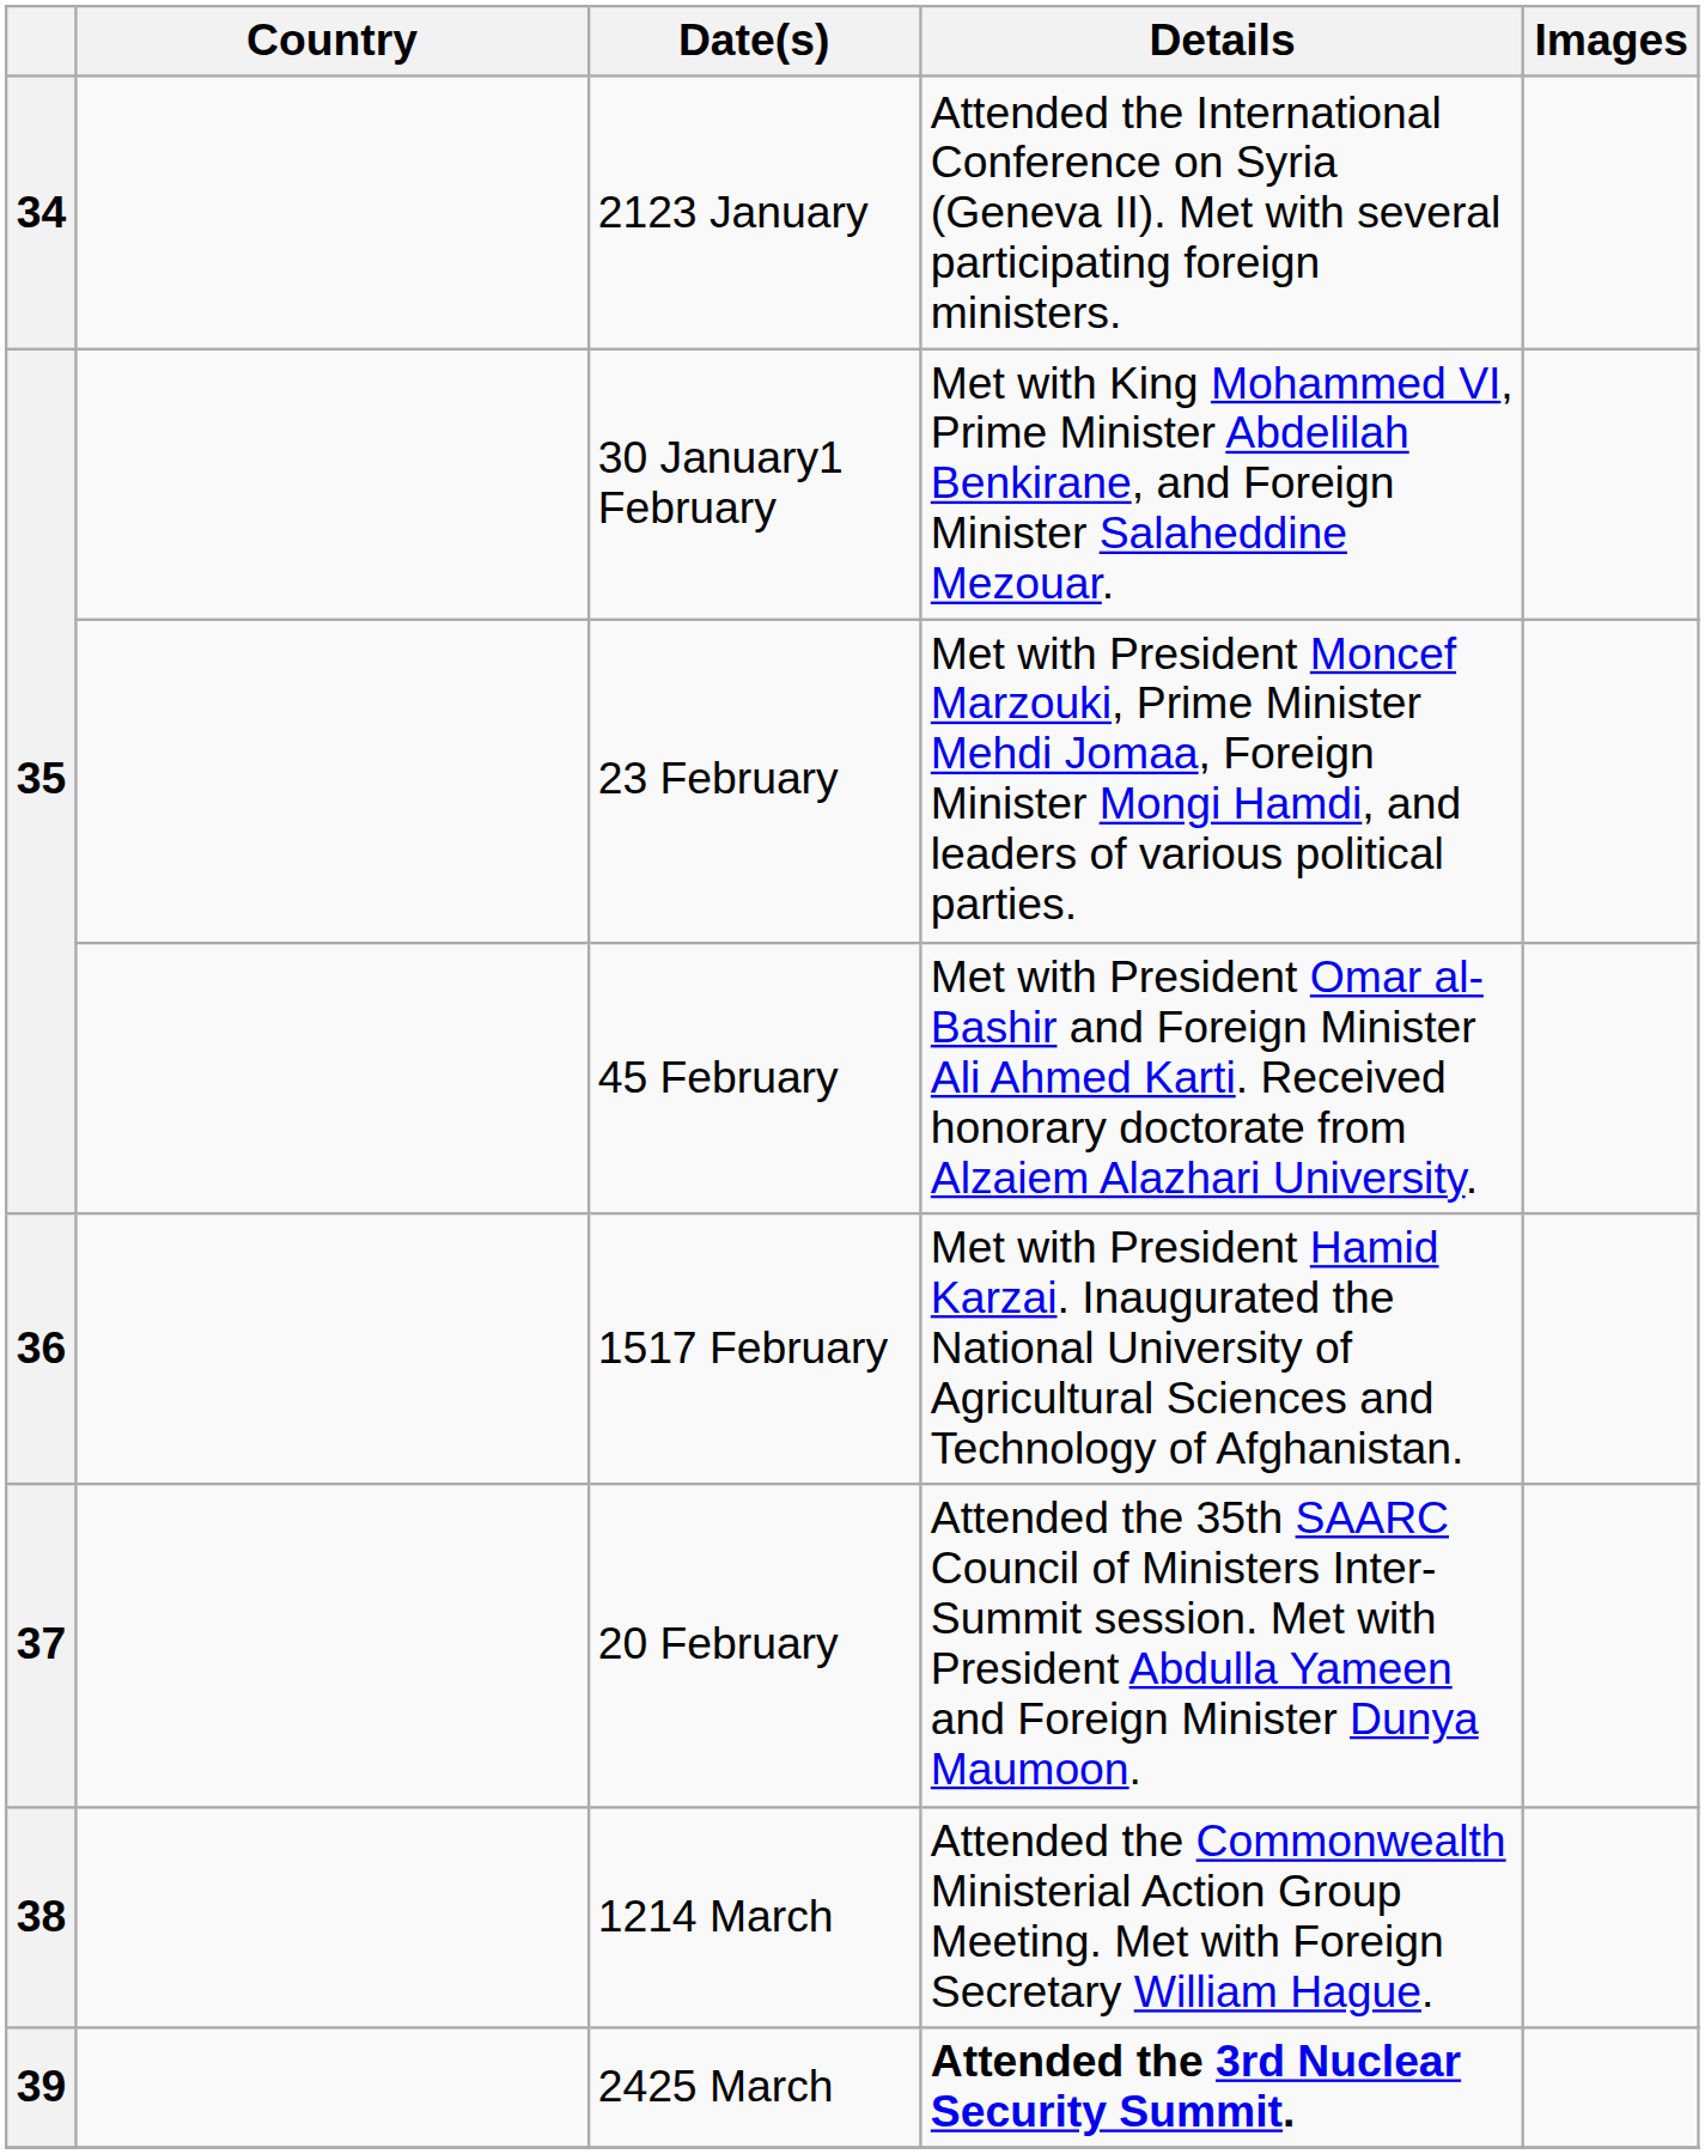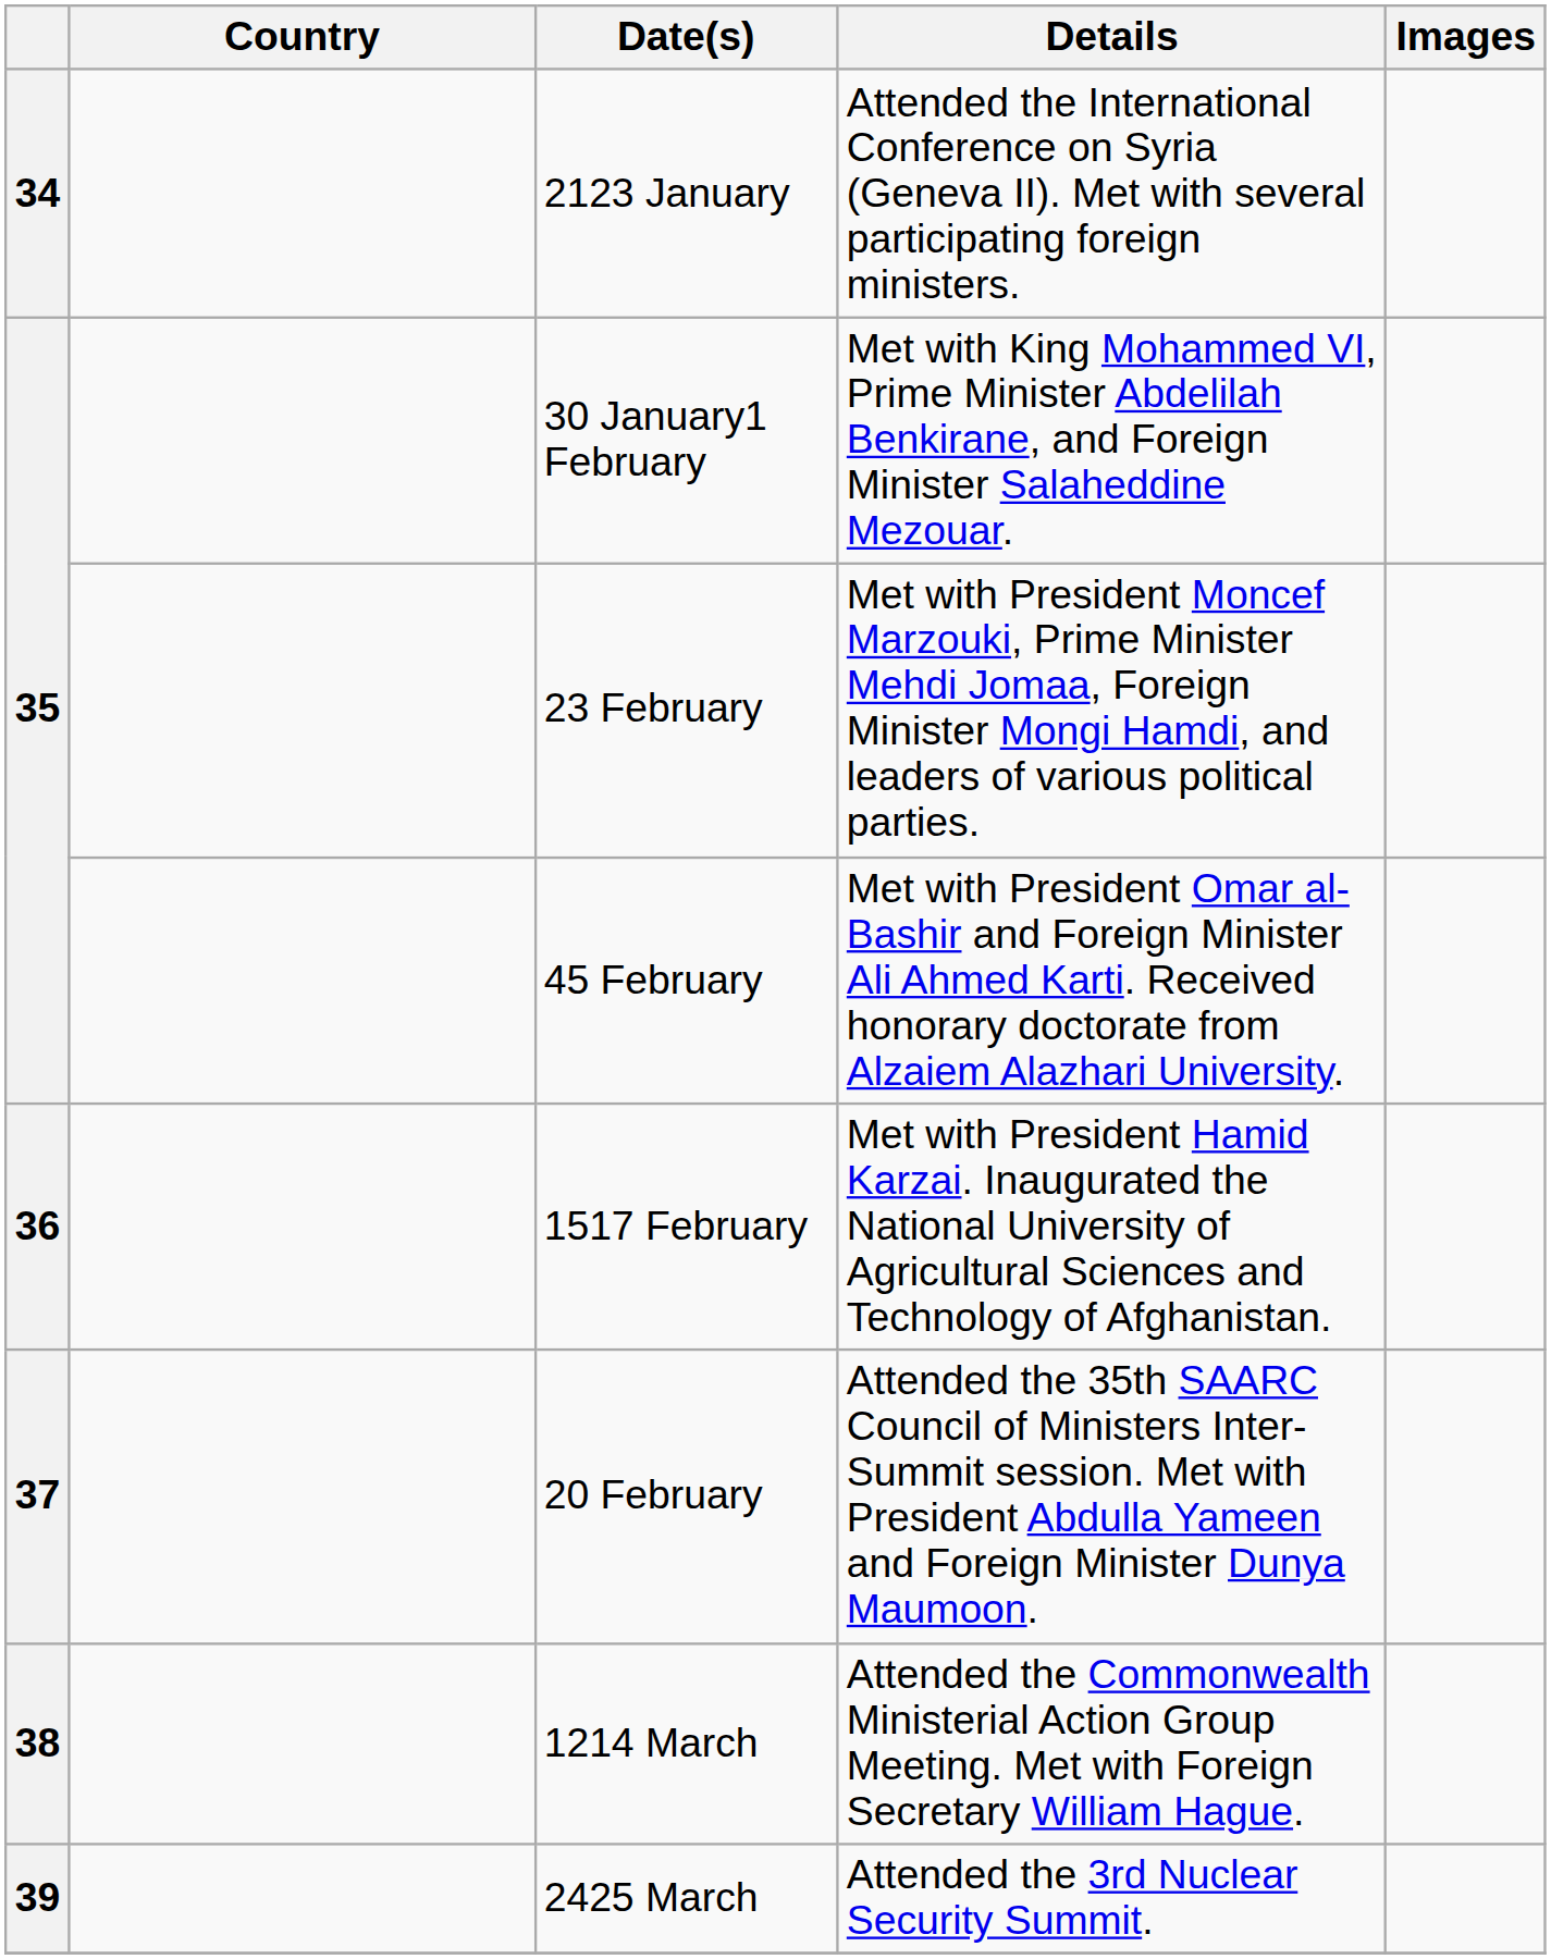 <table class="wikitable outercollapse sortable">
 <tr>
 <th></th>
 <th style="width:11em">Country</th>
 <th style="width:7em">Date(s)</th>
 <th class="unsortable">Details</th>
 <th>Images</th>
 </tr>
 <tr>
 <th>34</th>
 <td></td>
 <td>2123 January</td>
 <td>Attended the International Conference on Syria (Geneva II). Met with several participating foreign ministers.</td>
 <td></td>
 </tr>
 <tr>
 <th rowspan="3">35</th>
 <td></td>
 <td>30 January1 February</td>
 <td>Met with King <a href='#'>Mohammed VI</a>, Prime Minister <a href='#'>Abdelilah Benkirane</a>, and Foreign Minister <a href='#'>Salaheddine Mezouar</a>.</td>
 <td></td>
 </tr>
 <tr>
 <td></td>
 <td>23 February</td>
 <td>Met with President <a href='#'>Moncef Marzouki</a>, Prime Minister <a href='#'>Mehdi Jomaa</a>, Foreign Minister <a href='#'>Mongi Hamdi</a>, and leaders of various political parties.</td>
 <td></td>
 </tr>
 <tr>
 <td></td>
 <td>45 February</td>
 <td>Met with President <a href='#'>Omar al-Bashir</a> and Foreign Minister <a href='#'>Ali Ahmed Karti</a>. Received honorary doctorate from <a href='#'>Alzaiem Alazhari University</a>.</td>
 <td></td>
 </tr>
 <tr>
 <th>36</th>
 <td></td>
 <td>1517 February</td>
 <td>Met with President <a href='#'>Hamid Karzai</a>. Inaugurated the National University of Agricultural Sciences and Technology of Afghanistan.</td>
 <td></td>
 </tr>
 <tr>
 <th>37</th>
 <td></td>
 <td>20 February</td>
 <td>Attended the 35th <a href='#'>SAARC</a> Council of Ministers Inter-Summit session. Met with President <a href='#'>Abdulla Yameen</a> and Foreign Minister <a href='#'>Dunya Maumoon</a>.</td>
 <td></td>
 </tr>
 <tr>
 <th>38</th>
 <td></td>
 <td>1214 March</td>
 <td>Attended the <a href='#'>Commonwealth</a> Ministerial Action Group Meeting. Met with Foreign Secretary <a href='#'>William Hague</a>.</td>
 <td></td>
 </tr>
 <tr>
 <th>39</th>
 <td></td>
 <td>2425 March</td>
-<td><strong>Attended the <a href='#'>3rd Nuclear Security Summit</a>.</strong></td>
+<td>Attended the <a href='#'>3rd Nuclear Security Summit</a>.</td>
 <td></td>
 </tr>
 <tr>
 </tr>
 </table>
